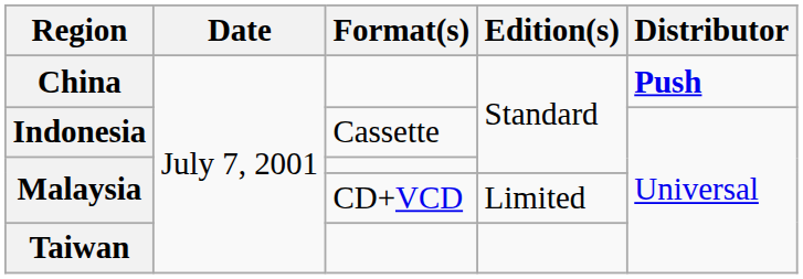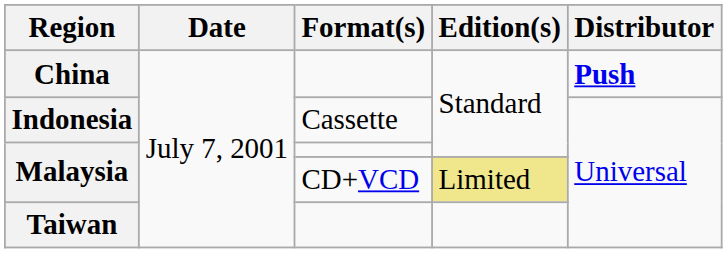 <table class="wikitable plainrowheaders">
 <tr>
 <th>Region</th>
 <th>Date</th>
 <th>Format(s)</th>
 <th>Edition(s)</th>
 <th>Distributor</th>
 </tr>
 <tr>
 <th scope="row">China</th>
 <td rowspan="5">July 7, 2001</td>
 <td></td>
 <td rowspan="3">Standard</td>
 <td><strong><a href='#'>Push</a></strong></td>
 </tr>
 <tr>
 <th scope="row">Indonesia</th>
 <td>Cassette</td>
 <td rowspan="4"><a href='#'>Universal</a></td>
 </tr>
 <tr>
 <th scope="row" rowspan="2">Malaysia</th>
 <td></td>
 </tr>
 <tr>
 <td>CD+<a href='#'>VCD</a></td>
-<td>Limited</td>
+<td style="background: khaki;">Limited</td>
 </tr>
 <tr>
 <th scope="row">Taiwan</th>
 <td></td>
 <td></td>
 </tr>
 </table>
